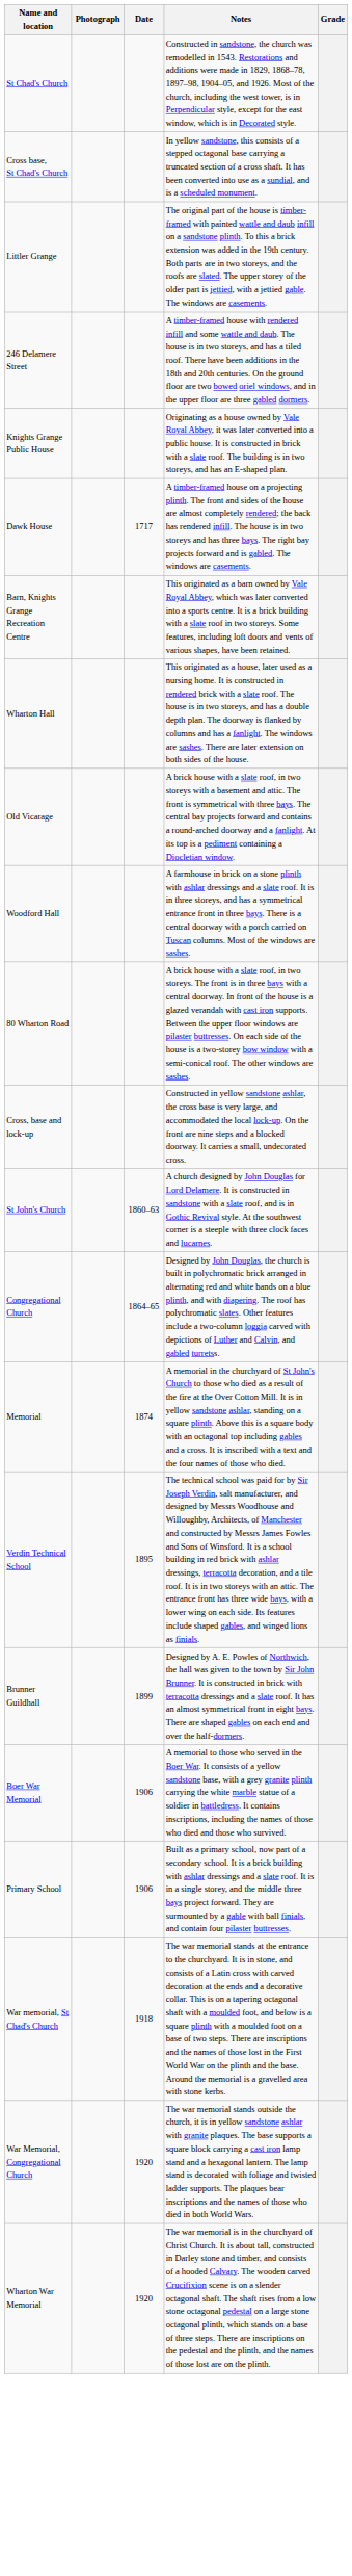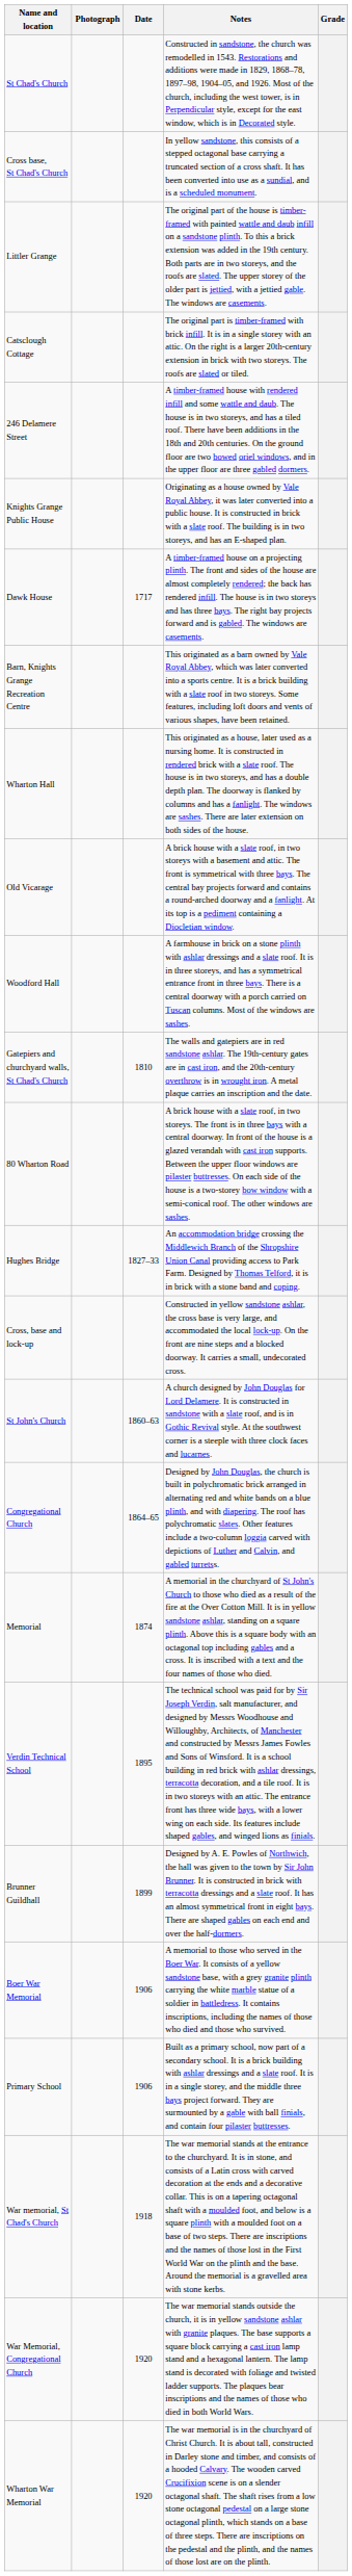 <table class="wikitable sortable plainrowheaders" style="width:100%;border:0px;text-align:left;line-height:150%;">
 <tr>
 <th scope="col"  style="width:150px">Name and location</th>
 <th scope="col"  style="width:100px" class="unsortable">Photograph</th>
 <th scope="col"  style="width:120px">Date</th>
 <th scope="col"  style="width:650px" class="unsortable">Notes</th>
 <th scope="col"  style="width:50px">Grade</th>
 </tr>
 <tr>
 <td><a href='#'>St Chad's Church</a><br><small></small></td>
 <td></td>
 <td align="center"></td>
 <td>Constructed in <a href='#'>sandstone</a>, the church was remodelled in 1543.  <a href='#'>Restorations</a> and additions were made in 1829, 1868–78, 1897–98, 1904–05, and 1926.  Most of the church, including the west tower, is in <a href='#'>Perpendicular</a> style, except for the east window, which is in <a href='#'>Decorated</a> style.</td>
 <th></th>
 </tr>
 <tr>
 <td>Cross base,<br><a href='#'>St Chad's Church</a><br><small></small></td>
 <td></td>
 <td align="center"></td>
 <td>In yellow <a href='#'>sandstone</a>, this consists of a stepped octagonal base carrying a truncated section of a cross shaft.  It has been converted into use as a <a href='#'>sundial</a>, and is a <a href='#'>scheduled monument</a>.</td>
 <th></th>
 </tr>
 <tr>
 <td>Littler Grange<br><small></small></td>
 <td></td>
 <td align="center"></td>
 <td>The original part of the house is <a href='#'>timber-framed</a> with painted <a href='#'>wattle and daub</a> <a href='#'>infill</a> on a <a href='#'>sandstone</a> <a href='#'>plinth</a>.  To this a brick extension was added in the 19th century.  Both parts are in two storeys, and the roofs are <a href='#'>slated</a>. The upper storey of the older part is <a href='#'>jettied</a>, with a jettied <a href='#'>gable</a>.  The windows are <a href='#'>casements</a>.</td>
+<th></th>
+</tr>
+<tr>
+<td>Catsclough Cottage<br><small></small></td>
+<td></td>
+<td align="center"></td>
+<td>The original part is <a href='#'>timber-framed</a> with brick <a href='#'>infill</a>.  It is in a single storey with an attic.  On the right is a larger 20th-century extension in brick with two storeys.  The roofs are <a href='#'>slated</a> or tiled.</td>
 <th></th>
 </tr>
 <tr>
 <td>246 Delamere Street<br><small></small></td>
 <td></td>
 <td align="center"></td>
 <td>A <a href='#'>timber-framed</a> house with <a href='#'>rendered</a> <a href='#'>infill</a> and some <a href='#'>wattle and daub</a>.  The house is in two storeys, and has a tiled roof.  There have been additions in the 18th and 20th centuries.  On the ground floor are two <a href='#'>bowed</a> <a href='#'>oriel windows</a>, and in the upper floor are three <a href='#'>gabled</a> <a href='#'>dormers</a>.</td>
 <th></th>
 </tr>
 <tr>
 <td>Knights Grange Public House<br><small></small></td>
 <td></td>
 <td align="center"></td>
 <td>Originating as a house owned by <a href='#'>Vale Royal Abbey</a>, it was later converted into a public house.  It is constructed in brick with a <a href='#'>slate</a> roof.  The building is in two storeys, and has an E-shaped plan.</td>
 <th></th>
 </tr>
 <tr>
 <td>Dawk House<br><small></small></td>
 <td></td>
 <td align="center">1717</td>
 <td>A <a href='#'>timber-framed</a> house on a projecting <a href='#'>plinth</a>.  The front and sides of the house are almost completely <a href='#'>rendered</a>; the back has rendered <a href='#'>infill</a>.  The house is in two storeys and has three <a href='#'>bays</a>.  The right bay projects forward and is <a href='#'>gabled</a>.  The windows are <a href='#'>casements</a>.</td>
 <th></th>
 </tr>
 <tr>
 <td>Barn, Knights Grange Recreation Centre<br><small></small></td>
 <td></td>
 <td align="center"></td>
 <td>This originated as a barn owned by <a href='#'>Vale Royal Abbey</a>, which was later converted into a sports centre.  It is a brick building with a <a href='#'>slate</a> roof in two storeys.  Some features, including loft doors and vents of various shapes, have been retained.</td>
 <th></th>
 </tr>
 <tr>
 <td>Wharton Hall<br><small></small></td>
 <td></td>
 <td align="center"></td>
 <td>This originated as a house, later used as a nursing home.  It is constructed in <a href='#'>rendered</a> brick with a <a href='#'>slate</a> roof.  The house is in two storeys, and has a double depth plan. The doorway is flanked by  columns and has a <a href='#'>fanlight</a>.  The windows are <a href='#'>sashes</a>.  There are later extension on both sides of the house.</td>
 <th></th>
 </tr>
 <tr>
 <td>Old Vicarage<br><small></small></td>
 <td></td>
 <td align="center"></td>
 <td>A brick house with a <a href='#'>slate</a> roof, in two storeys with a basement and attic.  The front is symmetrical with three <a href='#'>bays</a>.  The central bay projects forward and contains a round-arched doorway and a <a href='#'>fanlight</a>.  At its top is a <a href='#'>pediment</a> containing a <a href='#'>Diocletian window</a>.</td>
 <th></th>
 </tr>
 <tr>
 <td>Woodford Hall<br><small></small></td>
 <td></td>
 <td align="center"></td>
 <td>A farmhouse in brick on a stone <a href='#'>plinth</a> with <a href='#'>ashlar</a> dressings and a <a href='#'>slate</a> roof.  It is in three storeys, and has a symmetrical entrance front in three <a href='#'>bays</a>.  There is a central doorway with a porch carried on <a href='#'>Tuscan</a> columns.  Most of the windows are <a href='#'>sashes</a>.</td>
 <th></th>
 </tr>
 <tr>
+<td>Gatepiers and churchyard walls, <a href='#'>St Chad's Church</a><br><small></small></td>
+<td></td>
+<td align="center">1810</td>
+<td>The walls and gatepiers are in red <a href='#'>sandstone</a> <a href='#'>ashlar</a>.  The 19th-century gates are in <a href='#'>cast iron</a>, and the 20th-century <a href='#'>overthrow</a> is in <a href='#'>wrought iron</a>.  A metal plaque carries an inscription and the date.</td>
+<th></th>
+</tr>
+<tr>
 <td>80 Wharton Road<br><small></small></td>
 <td></td>
 <td align="center"></td>
 <td>A brick house with a <a href='#'>slate</a> roof, in two storeys.  The front is in three <a href='#'>bays</a> with a central doorway.  In front of the house is a glazed verandah with <a href='#'>cast iron</a> supports.  Between the upper floor windows are <a href='#'>pilaster</a> <a href='#'>buttresses</a>.  On each side of the house is a two-storey <a href='#'>bow window</a> with a semi-conical roof.  The other windows are <a href='#'>sashes</a>.</td>
+<th></th>
+</tr>
+<tr>
+<td>Hughes Bridge<br><small></small></td>
+<td></td>
+<td align="center">1827–33</td>
+<td>An <a href='#'>accommodation bridge</a> crossing the <a href='#'>Middlewich Branch</a> of the <a href='#'>Shropshire Union Canal</a> providing access to Park Farm.  Designed by <a href='#'>Thomas Telford</a>, it is in brick with a stone band and <a href='#'>coping</a>.</td>
 <th></th>
 </tr>
 <tr>
 <td>Cross, base and lock-up<br><small></small></td>
 <td></td>
 <td align="center"></td>
 <td>Constructed in yellow <a href='#'>sandstone</a> <a href='#'>ashlar</a>, the cross base is very large, and accommodated the local <a href='#'>lock-up</a>.  On the front are nine steps and a blocked doorway.  It carries a small, undecorated cross.</td>
 <th></th>
 </tr>
 <tr>
 <td><a href='#'>St John's Church</a><br><small></small></td>
 <td></td>
 <td align="center">1860–63</td>
 <td>A church designed by <a href='#'>John Douglas</a> for <a href='#'>Lord Delamere</a>.  It is constructed in <a href='#'>sandstone</a> with a <a href='#'>slate</a> roof, and is in <a href='#'>Gothic Revival</a> style.  At the southwest corner is a steeple with three clock faces and <a href='#'>lucarnes</a>.</td>
 <th></th>
 </tr>
 <tr>
 <td><a href='#'>Congregational Church</a><br><small></small></td>
 <td></td>
 <td align="center">1864–65</td>
 <td>Designed by <a href='#'>John Douglas</a>, the church is built in polychromatic brick arranged in alternating red and white bands on a blue <a href='#'>plinth</a>, and with <a href='#'>diapering</a>.  The roof has polychromatic <a href='#'>slates</a>.  Other features include a two-column <a href='#'>loggia</a> carved with depictions of <a href='#'>Luther</a> and <a href='#'>Calvin</a>, and <a href='#'>gabled</a> <a href='#'>turrets</a>s.</td>
 <th></th>
 </tr>
 <tr>
 <td>Memorial<br><small></small></td>
 <td></td>
 <td align="center">1874</td>
 <td>A memorial in the churchyard of <a href='#'>St John's Church</a> to those who died as a result of the fire at the Over Cotton Mill.  It is in yellow <a href='#'>sandstone</a> <a href='#'>ashlar</a>, standing on a square <a href='#'>plinth</a>.  Above this is a square body with an octagonal top including <a href='#'>gables</a> and a cross.  It is inscribed with a text and the four names of those who died.</td>
 <th></th>
 </tr>
 <tr>
 <td><a href='#'>Verdin Technical School</a><br><small></small></td>
 <td></td>
 <td align="center">1895</td>
 <td>The technical school was paid for by <a href='#'>Sir Joseph Verdin</a>, salt manufacturer, and designed by Messrs Woodhouse and Willoughby, Architects, of <a href='#'>Manchester</a> and constructed by Messrs James Fowles and Sons of Winsford. It is a school building in red brick with <a href='#'>ashlar</a> dressings, <a href='#'>terracotta</a> decoration, and a tile roof.  It is in two storeys with an attic.  The entrance front has three wide <a href='#'>bays</a>, with a lower wing on each side.  Its features include shaped <a href='#'>gables</a>, and winged lions as <a href='#'>finials</a>.</td>
 <th></th>
 </tr>
 <tr>
 <td>Brunner Guildhall<br><small></small></td>
 <td></td>
 <td align="center">1899</td>
 <td>Designed by A. E. Powles of <a href='#'>Northwich</a>, the hall was given to the town by <a href='#'>Sir John Brunner</a>.  It is constructed in brick with <a href='#'>terracotta</a> dressings and a <a href='#'>slate</a> roof.  It has an almost symmetrical front in eight <a href='#'>bays</a>.  There are shaped <a href='#'>gables</a> on each end and over the half-<a href='#'>dormers</a>.</td>
 <th></th>
 </tr>
 <tr>
 <td><a href='#'>Boer War Memorial</a><br><small></small></td>
 <td></td>
 <td align="center">1906</td>
 <td>A memorial to those who served in the <a href='#'>Boer War</a>.  It consists of a yellow <a href='#'>sandstone</a> base, with a grey <a href='#'>granite</a> <a href='#'>plinth</a> carrying the white <a href='#'>marble</a> statue of a soldier in <a href='#'>battledress</a>.  It contains inscriptions, including the names of those who died and those who survived.</td>
 <th></th>
 </tr>
 <tr>
 <td>Primary School<br><small></small></td>
 <td></td>
 <td align="center">1906</td>
 <td>Built as a primary school, now part of a secondary school.  It is a brick building with <a href='#'>ashlar</a> dressings and a <a href='#'>slate</a> roof.  It is in a single storey, and the middle three <a href='#'>bays</a> project forward.  They are surmounted by a <a href='#'>gable</a> with ball <a href='#'>finials</a>, and contain four <a href='#'>pilaster</a> <a href='#'>buttresses</a>.</td>
 <th></th>
 </tr>
 <tr>
 <td>War memorial, <a href='#'>St Chad's Church</a><br><small></small></td>
 <td></td>
 <td align="center">1918</td>
 <td>The war memorial stands at the entrance to the churchyard.  It is in stone, and consists of a Latin cross with carved decoration at the ends and a decorative collar.  This is on a tapering octagonal shaft with a <a href='#'>moulded</a> foot, and below is a square <a href='#'>plinth</a> with a moulded foot on a base of two steps.  There are inscriptions and the names of those lost in the First World War on the plinth and the base.  Around the memorial is a gravelled area with stone kerbs.</td>
 <th></th>
 </tr>
 <tr>
 <td>War Memorial,<br><a href='#'>Congregational Church</a><br><small></small></td>
 <td></td>
 <td align="center">1920</td>
 <td>The war memorial stands outside the church, it is in yellow <a href='#'>sandstone</a> <a href='#'>ashlar</a> with <a href='#'>granite</a> plaques.  The base supports a square block carrying a <a href='#'>cast iron</a> lamp stand and a hexagonal lantern.  The lamp stand is decorated with foliage and twisted ladder supports.  The plaques bear inscriptions and the names of those who died in both World Wars.</td>
 <th></th>
 </tr>
 <tr>
 <td>Wharton War Memorial<br><small></small></td>
 <td></td>
 <td align="center">1920</td>
 <td>The war memorial is in the churchyard of Christ Church.  It is about  tall, constructed in Darley stone and timber, and consists of a hooded <a href='#'>Calvary</a>.  The wooden carved <a href='#'>Crucifixion</a> scene is on a slender octagonal shaft.  The shaft rises from a low stone octagonal <a href='#'>pedestal</a> on a large stone octagonal plinth, which stands on a base of three steps.  There are inscriptions on the pedestal and the plinth, and the names of those lost are on the plinth.</td>
 <th></th>
 </tr>
 <tr>
 </tr>
 </table>
